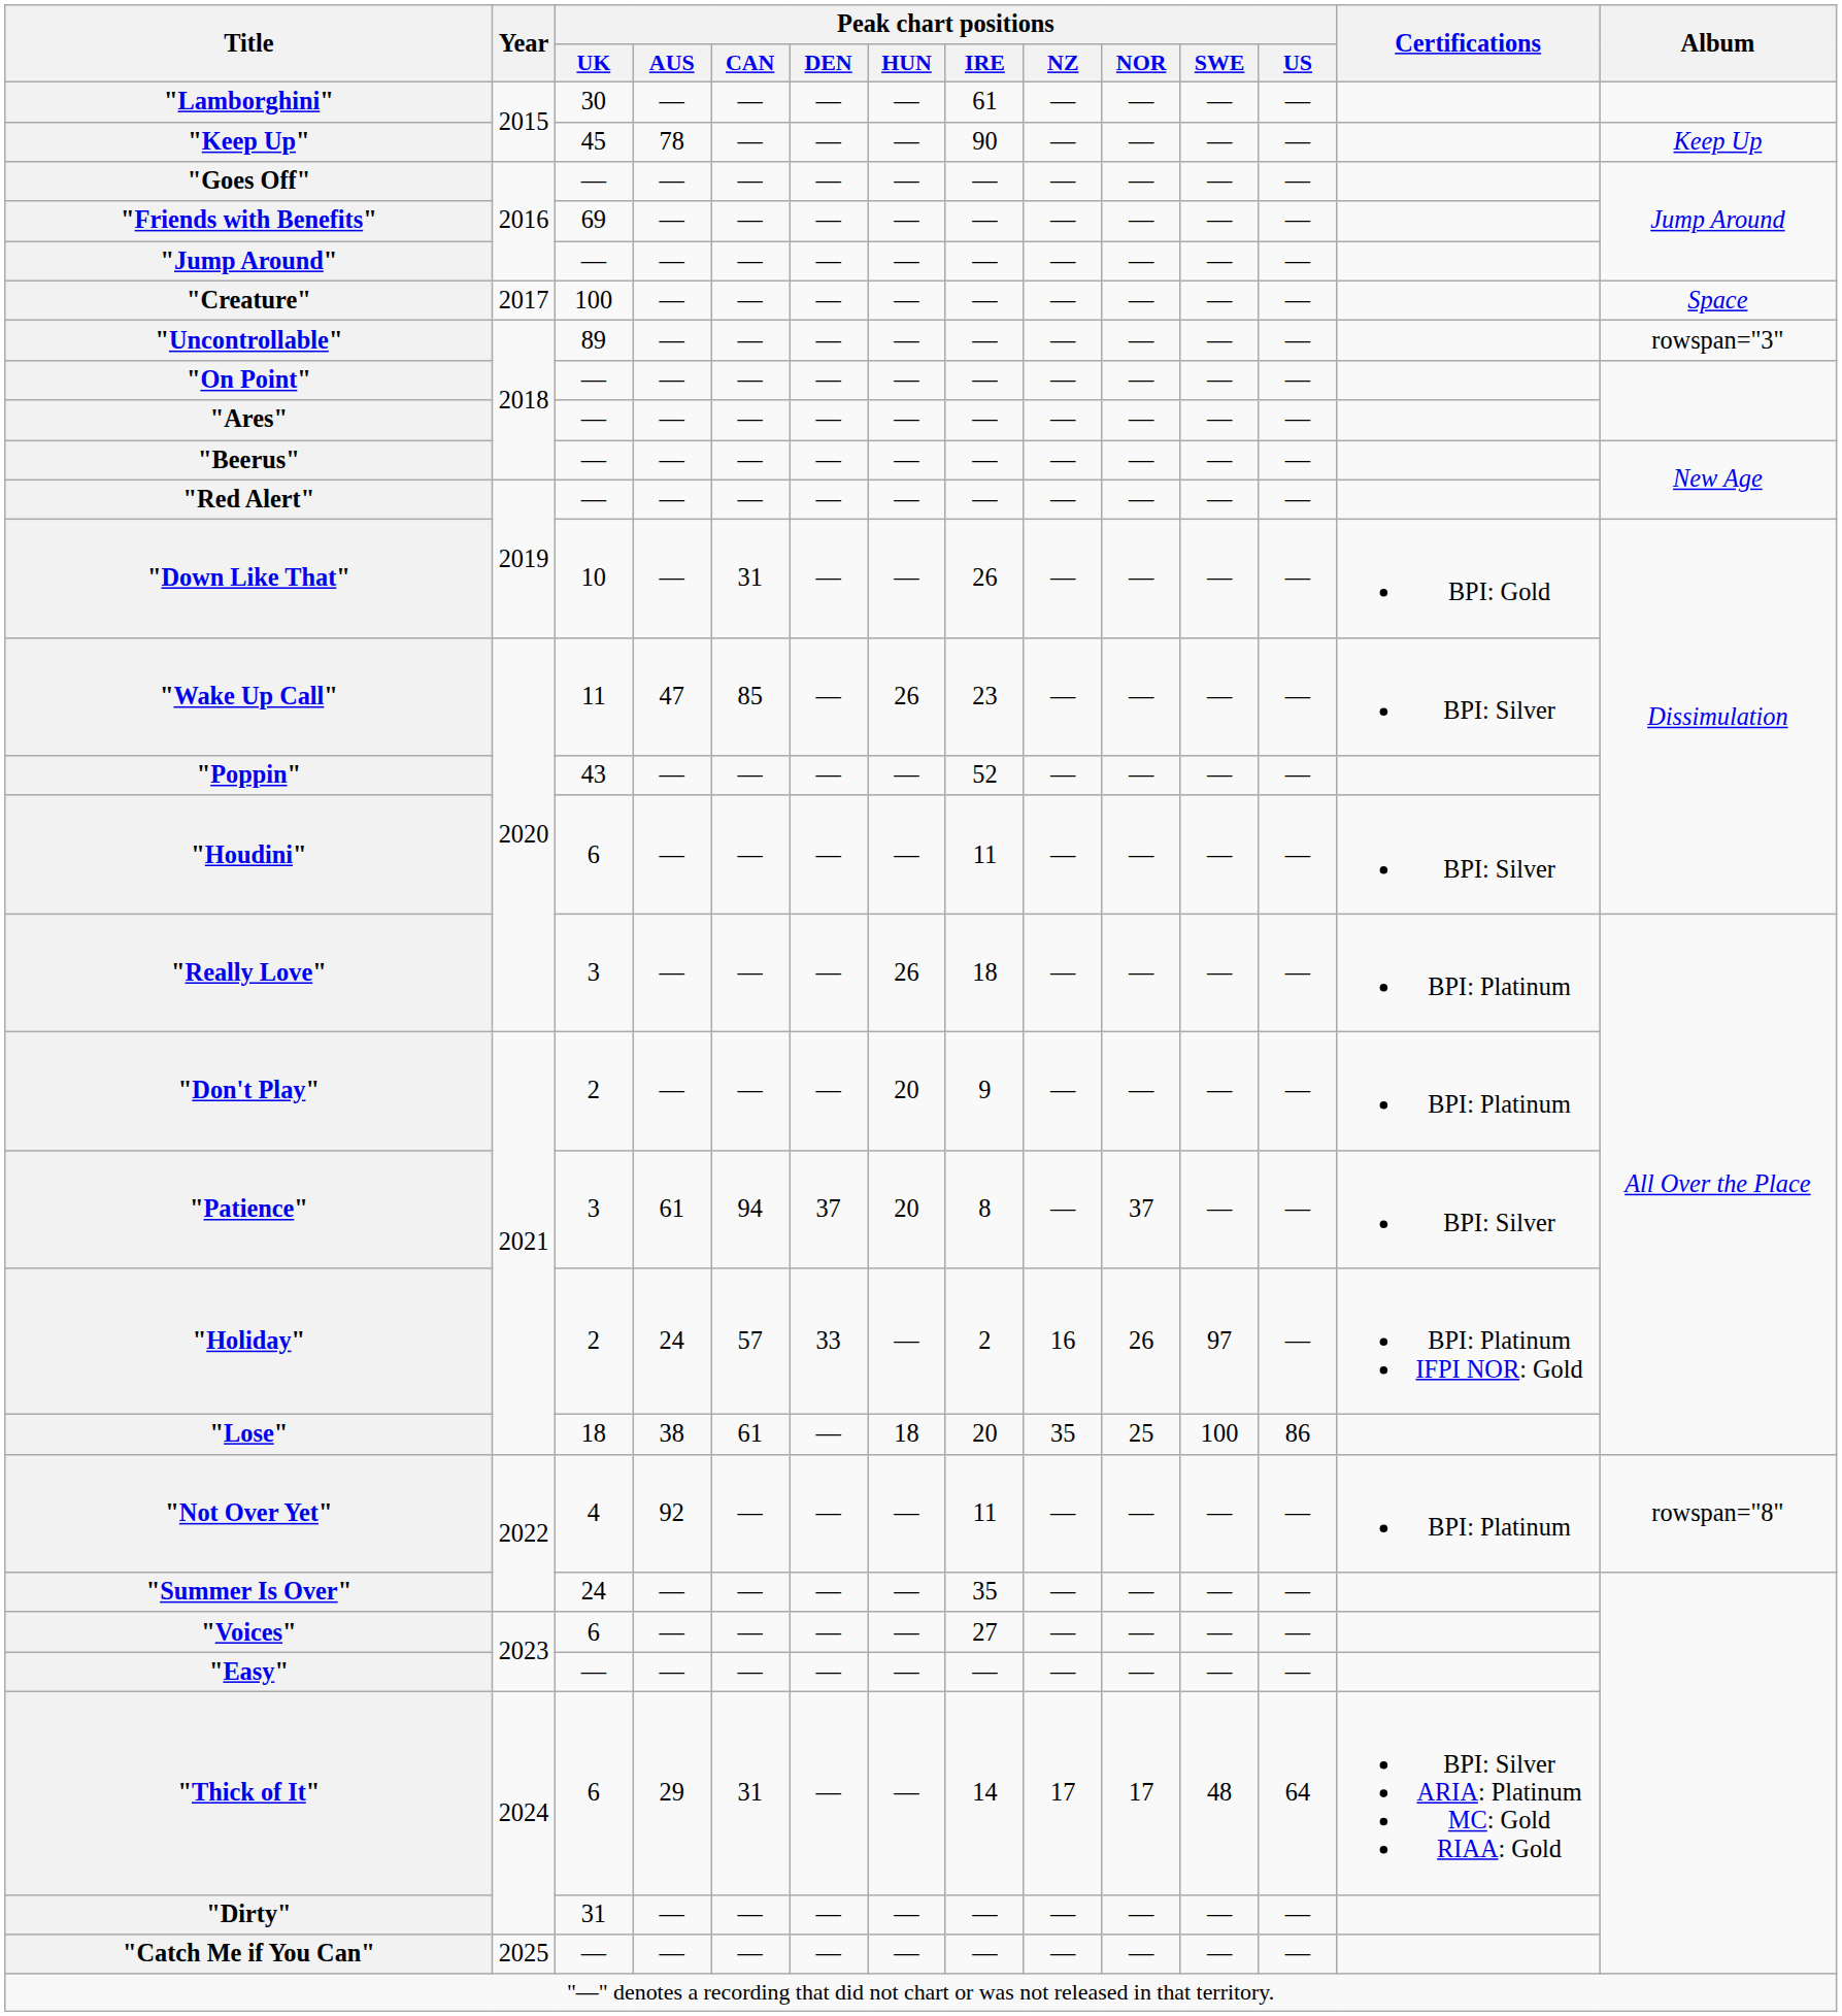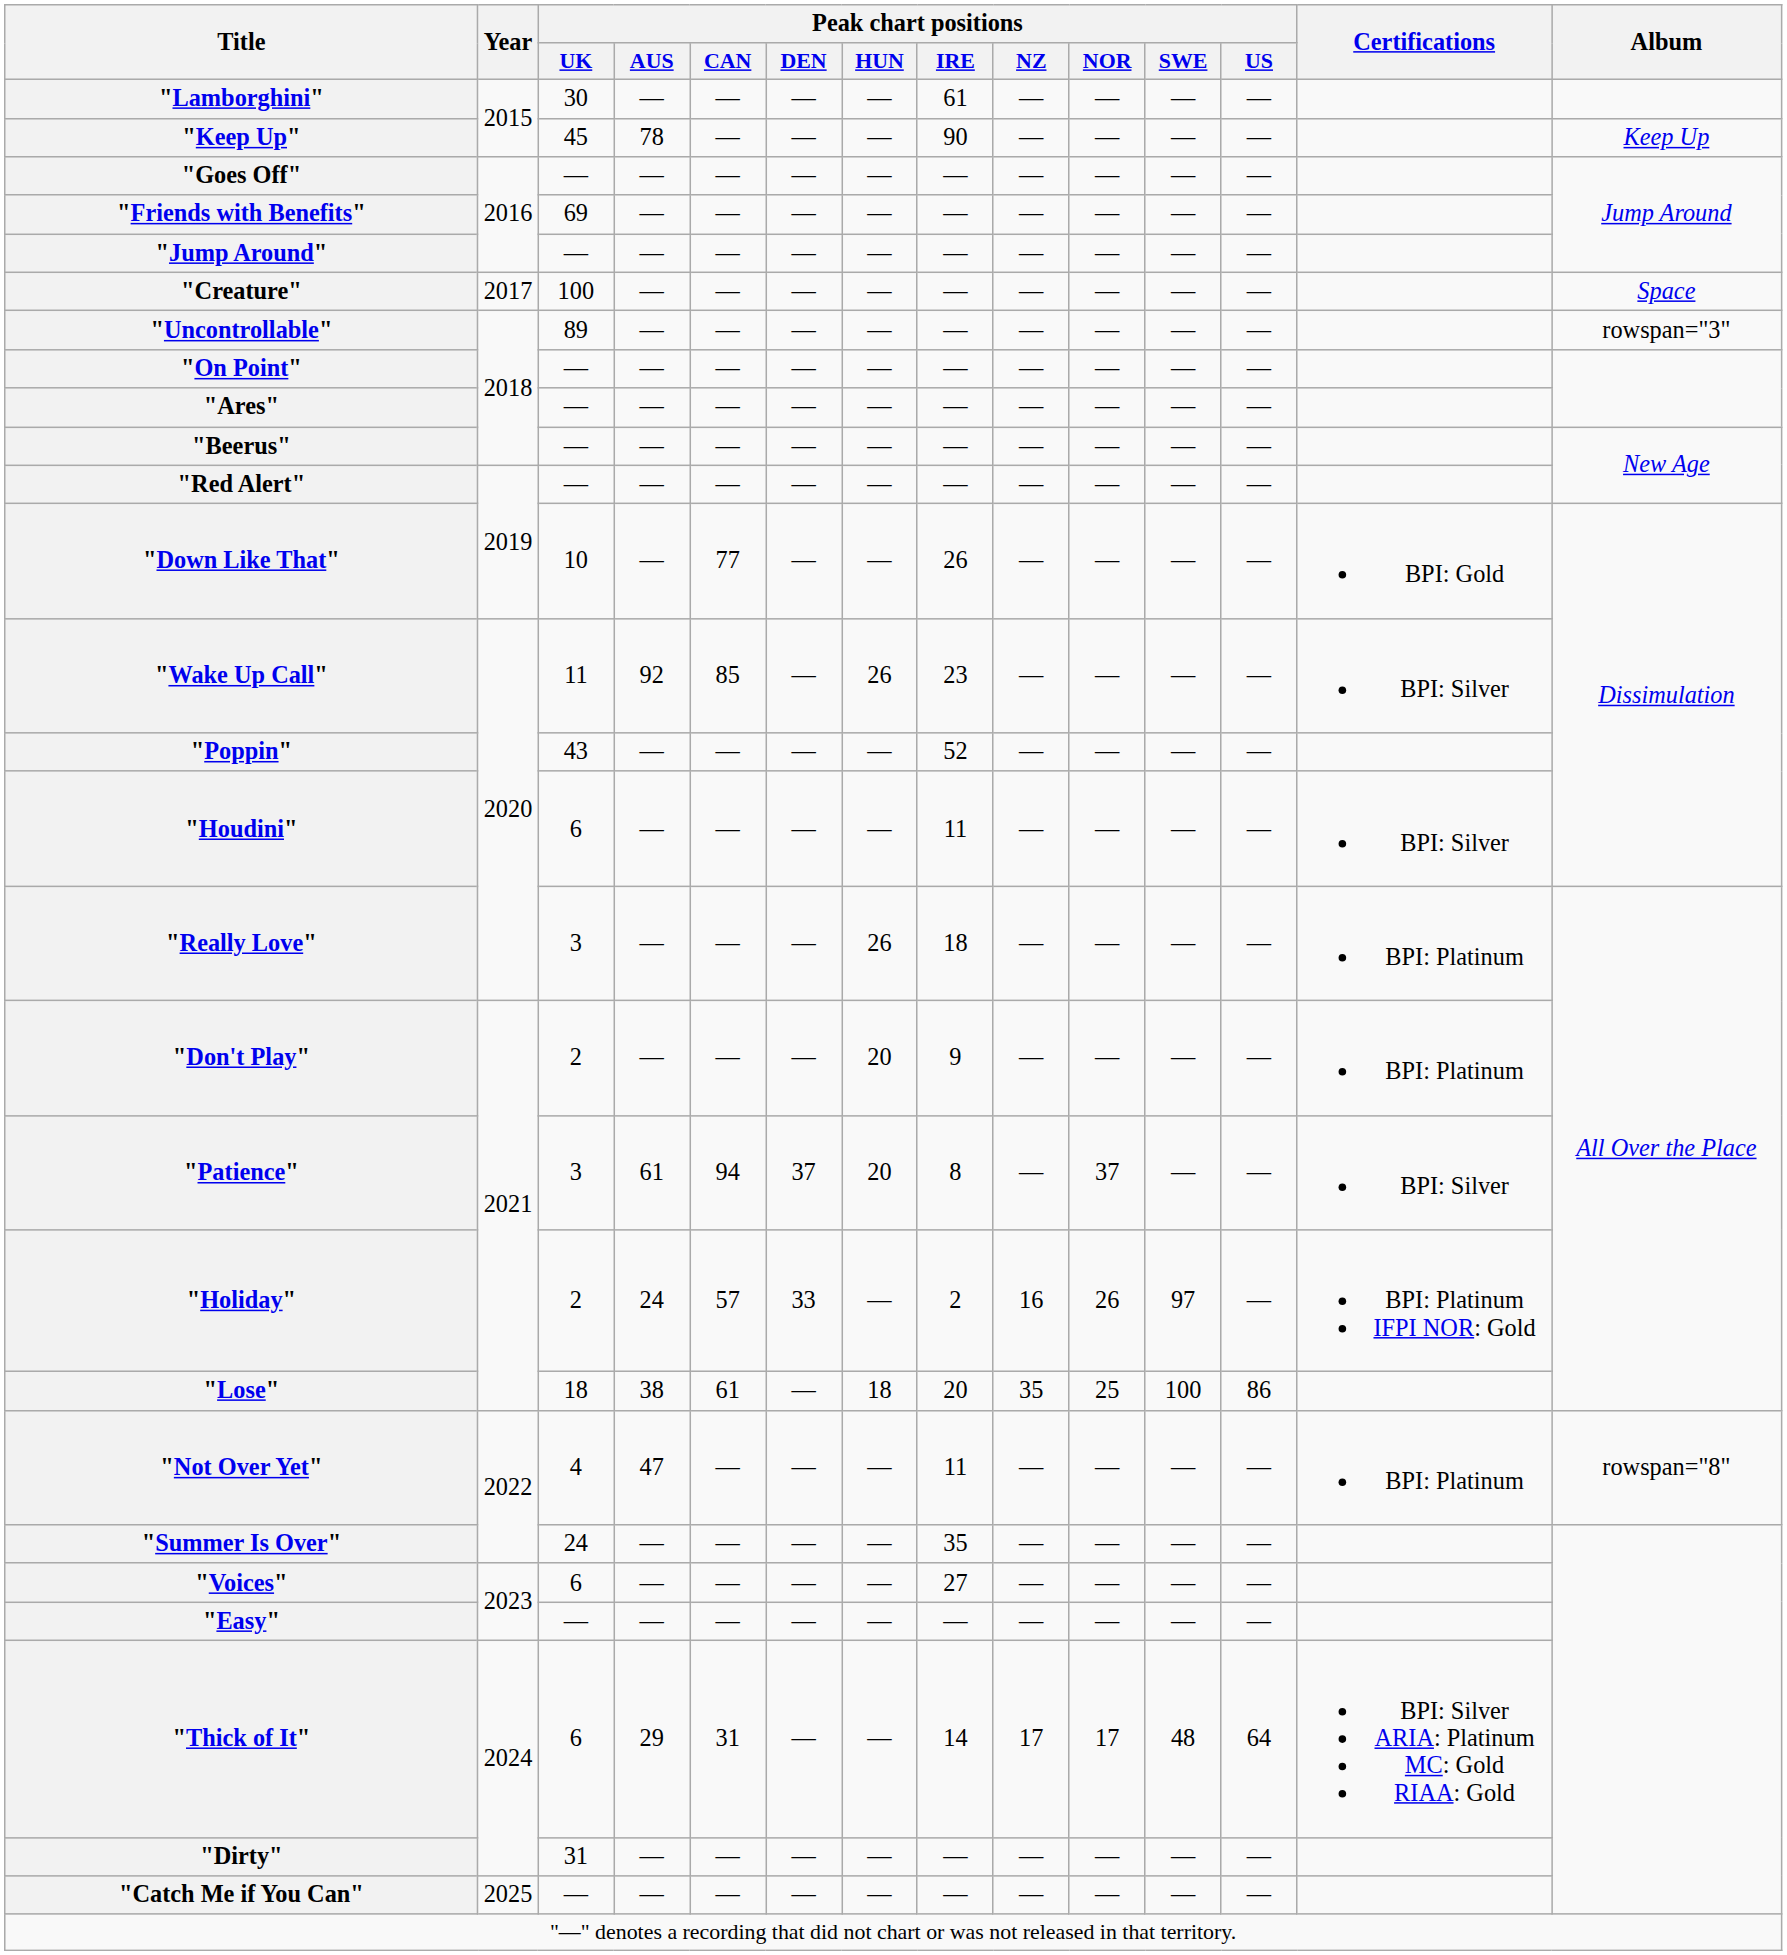 <table class="wikitable plainrowheaders" style="text-align:center;">
 <tr>
 <th scope="col" rowspan="2" style="width:19em;">Title</th>
 <th scope="col" rowspan="2" style="width:1em;">Year</th>
 <th scope="col" colspan="10">Peak chart positions</th>
 <th scope="col" rowspan="2" style="width:10em;"><a href='#'>Certifications</a></th>
 <th scope="col" rowspan="2" style="width:9em;">Album</th>
 </tr>
 <tr>
 <th scope="col" style="width:3em;font-size:90%;"><a href='#'>UK</a><br></th>
 <th scope="col" style="width:3em;font-size:90%;"><a href='#'>AUS</a><br></th>
 <th scope="col" style="width:3em;font-size:90%;"><a href='#'>CAN</a><br></th>
 <th scope="col" style="width:3em;font-size:90%;"><a href='#'>DEN</a><br></th>
 <th scope="col" style="width:3em;font-size:90%;"><a href='#'>HUN</a><br></th>
 <th scope="col" style="width:3em;font-size:90%;"><a href='#'>IRE</a><br></th>
 <th scope="col" style="width:3em;font-size:90%;"><a href='#'>NZ</a><br></th>
 <th scope="col" style="width:3em;font-size:90%;"><a href='#'>NOR</a><br></th>
 <th scope="col" style="width:3em;font-size:90%;"><a href='#'>SWE</a><br></th>
 <th scope="col" style="width:3em;font-size:90%;"><a href='#'>US</a><br></th>
 </tr>
 <tr>
 <th scope="row">"<a href='#'>Lamborghini</a>"<br></th>
 <td rowspan="2">2015</td>
 <td>30</td>
 <td>—</td>
 <td>—</td>
 <td>—</td>
 <td>—</td>
 <td>61</td>
 <td>—</td>
 <td>—</td>
 <td>—</td>
 <td>—</td>
 <td></td>
 <td></td>
 </tr>
 <tr>
 <th scope="row">"<a href='#'>Keep Up</a>"<br></th>
 <td>45</td>
 <td>78</td>
 <td>—</td>
 <td>—</td>
 <td>—</td>
 <td>90</td>
 <td>—</td>
 <td>—</td>
 <td>—</td>
 <td>—</td>
 <td></td>
 <td><em><a href='#'>Keep Up</a></em></td>
 </tr>
 <tr>
 <th scope="row">"Goes Off"<br></th>
 <td rowspan="3">2016</td>
 <td>—</td>
 <td>—</td>
 <td>—</td>
 <td>—</td>
 <td>—</td>
 <td>—</td>
 <td>—</td>
 <td>—</td>
 <td>—</td>
 <td>—</td>
 <td></td>
 <td rowspan="3"><em><a href='#'>Jump Around</a></em></td>
 </tr>
 <tr>
 <th scope="row">"<a href='#'>Friends with Benefits</a>"<br></th>
 <td>69</td>
 <td>—</td>
 <td>—</td>
 <td>—</td>
 <td>—</td>
 <td>—</td>
 <td>—</td>
 <td>—</td>
 <td>—</td>
 <td>—</td>
 <td></td>
 </tr>
 <tr>
 <th scope="row">"<a href='#'>Jump Around</a>"<br></th>
 <td>—</td>
 <td>—</td>
 <td>—</td>
 <td>—</td>
 <td>—</td>
 <td>—</td>
 <td>—</td>
 <td>—</td>
 <td>—</td>
 <td>—</td>
 <td></td>
 </tr>
 <tr>
 <th scope="row">"Creature"</th>
 <td>2017</td>
 <td>100</td>
 <td>—</td>
 <td>—</td>
 <td>—</td>
 <td>—</td>
 <td>—</td>
 <td>—</td>
 <td>—</td>
 <td>—</td>
 <td>—</td>
 <td></td>
 <td><em><a href='#'>Space</a></em></td>
 </tr>
 <tr>
 <th scope="row">"<a href='#'>Uncontrollable</a>"<br></th>
 <td rowspan="4">2018</td>
 <td>89</td>
 <td>—</td>
 <td>—</td>
 <td>—</td>
 <td>—</td>
 <td>—</td>
 <td>—</td>
 <td>—</td>
 <td>—</td>
 <td>—</td>
 <td></td>
 <td>rowspan="3" </td>
 </tr>
 <tr>
 <th scope="row">"<a href='#'>On Point</a>"</th>
 <td>—</td>
 <td>—</td>
 <td>—</td>
 <td>—</td>
 <td>—</td>
 <td>—</td>
 <td>—</td>
 <td>—</td>
 <td>—</td>
 <td>—</td>
 <td></td>
 </tr>
 <tr>
 <th scope="row">"Ares"</th>
 <td>—</td>
 <td>—</td>
 <td>—</td>
 <td>—</td>
 <td>—</td>
 <td>—</td>
 <td>—</td>
 <td>—</td>
 <td>—</td>
 <td>—</td>
 <td></td>
 </tr>
 <tr>
 <th scope="row">"Beerus"<br></th>
 <td>—</td>
 <td>—</td>
 <td>—</td>
 <td>—</td>
 <td>—</td>
 <td>—</td>
 <td>—</td>
 <td>—</td>
 <td>—</td>
 <td>—</td>
 <td></td>
 <td rowspan="2"><em><a href='#'>New Age</a></em></td>
 </tr>
 <tr>
 <th scope="row">"Red Alert"<br></th>
 <td rowspan="2">2019</td>
 <td>—</td>
 <td>—</td>
 <td>—</td>
 <td>—</td>
 <td>—</td>
 <td>—</td>
 <td>—</td>
 <td>—</td>
 <td>—</td>
 <td>—</td>
 <td></td>
 </tr>
 <tr>
 <th scope="row">"<a href='#'>Down Like That</a>"<br></th>
 <td>10</td>
 <td>—</td>
-<td>31</td>
+<td>77</td>
 <td>—</td>
 <td>—</td>
 <td>26</td>
 <td>—</td>
 <td>—</td>
 <td>—</td>
 <td>—</td>
 <td><br><ul><li>BPI: Gold</li></ul></td>
 <td rowspan="4"><em><a href='#'>Dissimulation</a></em></td>
 </tr>
 <tr>
 <th scope="row">"<a href='#'>Wake Up Call</a>"<br></th>
 <td rowspan="4">2020</td>
 <td>11</td>
-<td>47</td>
+<td>92</td>
 <td>85</td>
 <td>—</td>
 <td>26</td>
 <td>23</td>
 <td>—</td>
 <td>—</td>
 <td>—</td>
 <td>—</td>
 <td><br><ul><li>BPI: Silver</li></ul></td>
 </tr>
 <tr>
 <th scope="row">"<a href='#'>Poppin</a>"<br></th>
 <td>43</td>
 <td>—</td>
 <td>—</td>
 <td>—</td>
 <td>—</td>
 <td>52</td>
 <td>—</td>
 <td>—</td>
 <td>—</td>
 <td>—</td>
 <td></td>
 </tr>
 <tr>
 <th scope="row">"<a href='#'>Houdini</a>"<br></th>
 <td>6</td>
 <td>—</td>
 <td>—</td>
 <td>—</td>
 <td>—</td>
 <td>11</td>
 <td>—</td>
 <td>—</td>
 <td>—</td>
 <td>—</td>
 <td><br><ul><li>BPI: Silver</li></ul></td>
 </tr>
 <tr>
 <th scope="row">"<a href='#'>Really Love</a>"<br></th>
 <td>3</td>
 <td>—</td>
 <td>—</td>
 <td>—</td>
 <td>26</td>
 <td>18</td>
 <td>—</td>
 <td>—</td>
 <td>—</td>
 <td>—</td>
 <td><br><ul><li>BPI: Platinum</li></ul></td>
 <td rowspan="5"><em><a href='#'>All Over the Place</a></em></td>
 </tr>
 <tr>
 <th scope="row">"<a href='#'>Don't Play</a>"<br></th>
 <td rowspan="4">2021</td>
 <td>2</td>
 <td>—</td>
 <td>—</td>
 <td>—</td>
 <td>20</td>
 <td>9</td>
 <td>—</td>
 <td>—</td>
 <td>—</td>
 <td>—</td>
 <td><br><ul><li>BPI: Platinum</li></ul></td>
 </tr>
 <tr>
 <th scope="row">"<a href='#'>Patience</a>"<br></th>
 <td>3</td>
 <td>61</td>
 <td>94</td>
 <td>37</td>
 <td>20</td>
 <td>8</td>
 <td>—</td>
 <td>37</td>
 <td>—</td>
 <td>—</td>
 <td><br><ul><li>BPI: Silver</li></ul></td>
 </tr>
 <tr>
 <th scope="row">"<a href='#'>Holiday</a>"</th>
 <td>2</td>
 <td>24</td>
 <td>57</td>
 <td>33</td>
 <td>—</td>
 <td>2</td>
 <td>16</td>
 <td>26</td>
 <td>97</td>
 <td>—</td>
 <td><br><ul><li>BPI: Platinum</li><li><a href='#'>IFPI NOR</a>: Gold</li></ul></td>
 </tr>
 <tr>
 <th scope="row">"<a href='#'>Lose</a>"<br></th>
 <td>18</td>
 <td>38</td>
 <td>61</td>
 <td>—</td>
 <td>18</td>
 <td>20</td>
 <td>35</td>
 <td>25</td>
 <td>100</td>
 <td>86</td>
 <td></td>
 </tr>
 <tr>
 <th scope="row">"<a href='#'>Not Over Yet</a>"<br></th>
 <td rowspan="2">2022</td>
 <td>4</td>
-<td>92</td>
+<td>47</td>
 <td>—</td>
 <td>—</td>
 <td>—</td>
 <td>11</td>
 <td>—</td>
 <td>—</td>
 <td>—</td>
 <td>—</td>
 <td><br><ul><li>BPI: Platinum</li></ul></td>
 <td>rowspan="8" </td>
 </tr>
 <tr>
 <th scope="row">"<a href='#'>Summer Is Over</a>"</th>
 <td>24</td>
 <td>—</td>
 <td>—</td>
 <td>—</td>
 <td>—</td>
 <td>35</td>
 <td>—</td>
 <td>—</td>
 <td>—</td>
 <td>—</td>
 <td></td>
 </tr>
 <tr>
 <th scope="row">"<a href='#'>Voices</a>"<br></th>
 <td rowspan="2">2023</td>
 <td>6</td>
 <td>—</td>
 <td>—</td>
 <td>—</td>
 <td>—</td>
 <td>27</td>
 <td>—</td>
 <td>—</td>
 <td>—</td>
 <td>—</td>
 <td></td>
 </tr>
 <tr>
 <th scope="row">"<a href='#'>Easy</a>"<br></th>
 <td>—</td>
 <td>—</td>
 <td>—</td>
 <td>—</td>
 <td>—</td>
 <td>—</td>
 <td>—</td>
 <td>—</td>
 <td>—</td>
 <td>—</td>
 <td></td>
 </tr>
 <tr>
 <th scope="row">"<a href='#'>Thick of It</a>"<br></th>
 <td rowspan="2">2024</td>
 <td>6</td>
 <td>29</td>
 <td>31</td>
 <td>—</td>
 <td>—</td>
 <td>14</td>
 <td>17</td>
 <td>17</td>
 <td>48</td>
 <td>64</td>
 <td><br><ul><li>BPI: Silver</li><li><a href='#'>ARIA</a>: Platinum</li><li><a href='#'>MC</a>: Gold</li><li><a href='#'>RIAA</a>: Gold</li></ul></td>
 </tr>
 <tr>
 <th scope="row">"Dirty"</th>
 <td>31</td>
 <td>—</td>
 <td>—</td>
 <td>—</td>
 <td>—</td>
 <td>—</td>
 <td>—</td>
 <td>—</td>
 <td>—</td>
 <td>—</td>
 <td></td>
 </tr>
 <tr>
 <th scope="row">"Catch Me if You Can"</th>
 <td>2025</td>
 <td>—</td>
 <td>—</td>
 <td>—</td>
 <td>—</td>
 <td>—</td>
 <td>—</td>
 <td>—</td>
 <td>—</td>
 <td>—</td>
 <td>—</td>
 <td></td>
 </tr>
 <tr>
 <td colspan="14" style="font-size:90%">"—" denotes a recording that did not chart or was not released in that territory.</td>
 </tr>
 </table>
